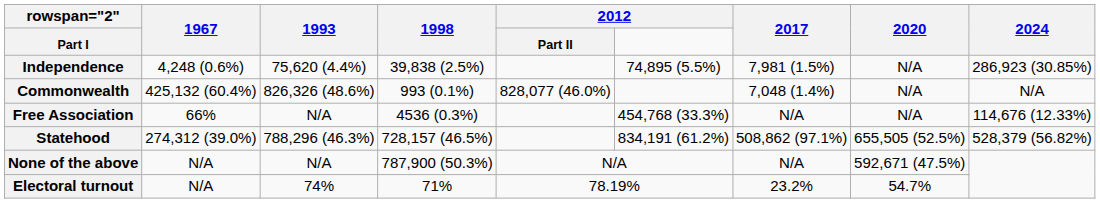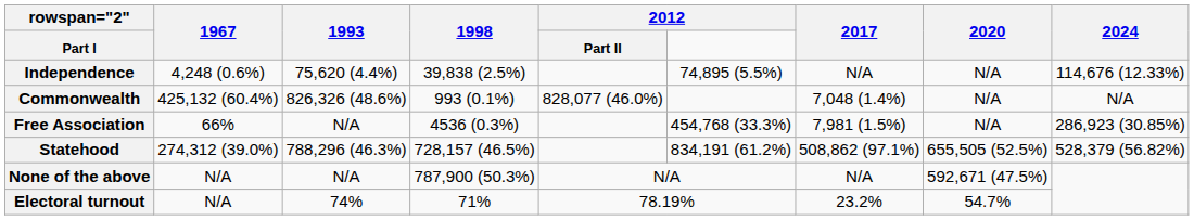 <table class="wikitable">
 <tr>
 <th>rowspan="2" </th>
 <th rowspan=2><a href='#'>1967</a></th>
 <th rowspan=2><a href='#'>1993</a></th>
 <th rowspan=2><a href='#'>1998</a></th>
 <th colspan=2><a href='#'>2012</a></th>
 <th rowspan=2><a href='#'>2017</a></th>
 <th rowspan=2><a href='#'>2020</a></th>
 <th rowspan=2><a href='#'>2024</a></th>
 </tr>
 <tr>
 <th><sub>Part I</sub></th>
 <th><sub>Part II</sub></th>
 </tr>
 <tr align=center>
 <th>Independence</th>
 <td>4,248 (0.6%)</td>
 <td>75,620 (4.4%)</td>
 <td>39,838 (2.5%)</td>
 <td></td>
 <td>74,895 (5.5%)</td>
-<td>7,981 (1.5%)</td>
+<td>N/A</td>
 <td align="center">N/A</td>
-<td>286,923 (30.85%)</td>
+<td>114,676 (12.33%)</td>
 </tr>
 <tr align=center>
 <th>Commonwealth</th>
 <td>425,132 (60.4%)</td>
 <td>826,326 (48.6%)</td>
 <td>993 (0.1%)</td>
 <td>828,077 (46.0%)</td>
 <td></td>
 <td>7,048 (1.4%)</td>
 <td align="center">N/A</td>
 <td>N/A</td>
 </tr>
 <tr align=center>
 <th>Free Association</th>
 <td>66%</td>
 <td>N/A</td>
 <td>4536 (0.3%)</td>
 <td></td>
 <td>454,768 (33.3%)</td>
+<td>7,981 (1.5%)</td>
 <td>N/A</td>
-<td>N/A</td>
-<td>114,676 (12.33%)</td>
+<td>286,923 (30.85%)</td>
 </tr>
 <tr align="right">
 <th align="center">Statehood</th>
 <td>274,312 (39.0%)</td>
 <td>788,296 (46.3%)</td>
 <td>728,157 (46.5%)</td>
 <td></td>
 <td>834,191 (61.2%)</td>
 <td>508,862 (97.1%)</td>
 <td>655,505 (52.5%)</td>
 <td>528,379 (56.82%)</td>
 </tr>
 <tr align=center>
 <th>None of the above</th>
 <td>N/A</td>
 <td>N/A</td>
 <td>787,900 (50.3%)</td>
 <td colspan="2">N/A</td>
 <td>N/A</td>
 <td>592,671 (47.5%)</td>
 </tr>
 <tr align="center">
 <th>Electoral turnout</th>
 <td>N/A</td>
 <td>74%</td>
 <td>71%</td>
 <td colspan="2">78.19%</td>
 <td>23.2%</td>
 <td>54.7%</td>
 </tr>
 </table>
